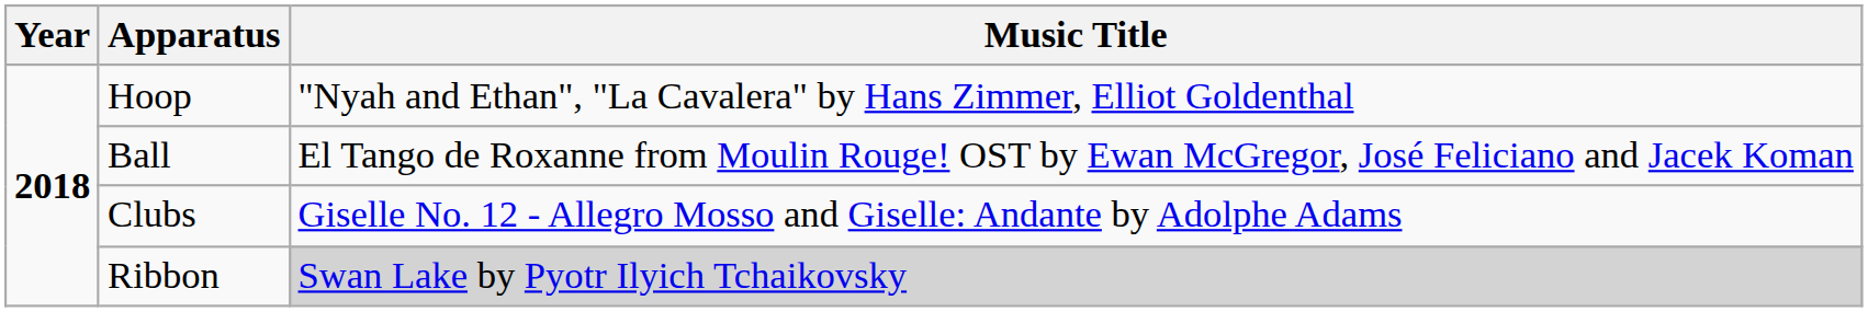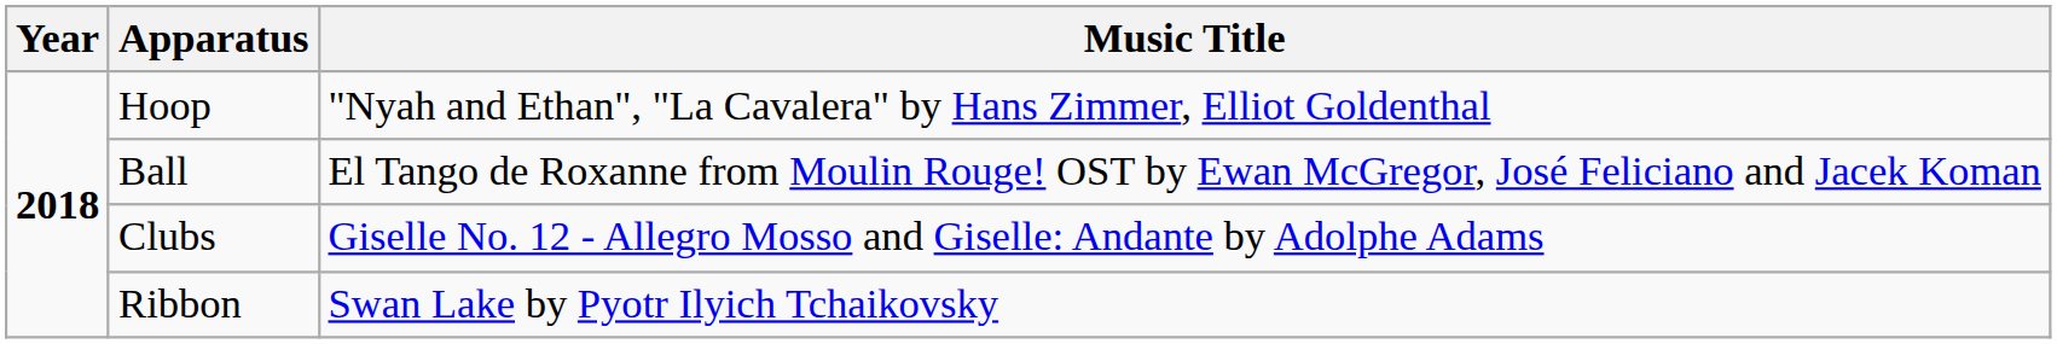 <table class="wikitable">
 <tr>
 <th>Year</th>
 <th>Apparatus</th>
 <th>Music Title</th>
 </tr>
 <tr>
 <td rowspan="4"><strong>2018</strong></td>
 <td>Hoop</td>
 <td>"Nyah and Ethan", "La Cavalera" by <a href='#'>Hans Zimmer</a>, <a href='#'>Elliot Goldenthal</a></td>
 </tr>
 <tr>
 <td>Ball</td>
 <td>El Tango de Roxanne from <a href='#'>Moulin Rouge!</a> OST by <a href='#'>Ewan McGregor</a>, <a href='#'>José Feliciano</a> and <a href='#'>Jacek Koman</a></td>
 </tr>
 <tr>
 <td>Clubs</td>
 <td><a href='#'>Giselle No. 12 - Allegro Mosso</a> and <a href='#'>Giselle: Andante</a> by <a href='#'>Adolphe Adams</a></td>
 </tr>
 <tr>
 <td>Ribbon</td>
-<td style="background: lightgrey;"><a href='#'>Swan Lake</a> by <a href='#'>Pyotr Ilyich Tchaikovsky</a></td>
+<td><a href='#'>Swan Lake</a> by <a href='#'>Pyotr Ilyich Tchaikovsky</a></td>
 </tr>
 </table>
